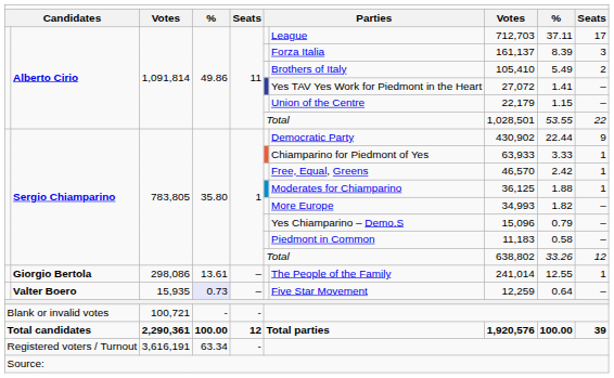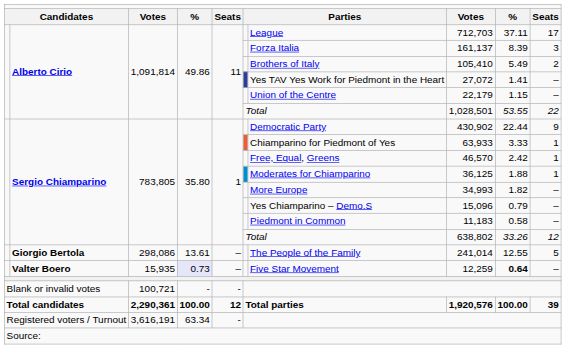 <table class="wikitable">
 <tr>
 <td colspan=10></td>
 </tr>
 <tr>
 <th colspan=2>Candidates</th>
 <th>Votes</th>
 <th>%</th>
 <th>Seats</th>
 <th colspan=2>Parties</th>
 <th>Votes</th>
 <th>%</th>
 <th>Seats</th>
 </tr>
 <tr>
 <td rowspan=6></td>
 <td rowspan=6><strong><a href='#'>Alberto Cirio</a></strong></td>
 <td rowspan="6" align=right>1,091,814</td>
 <td rowspan="6" align=right>49.86</td>
 <td rowspan="6" align=right>11</td>
 <td></td>
 <td><a href='#'>League</a></td>
 <td align=right>712,703</td>
 <td align=right>37.11</td>
 <td align=right>17</td>
 </tr>
 <tr>
 <td></td>
 <td><a href='#'>Forza Italia</a></td>
 <td align=right>161,137</td>
 <td align=right>8.39</td>
 <td align=right>3</td>
 </tr>
 <tr>
 <td></td>
 <td><a href='#'>Brothers of Italy</a></td>
 <td align=right>105,410</td>
 <td align=right>5.49</td>
 <td align=right>2</td>
 </tr>
 <tr>
 <td bgcolor="#2E3D9A"></td>
 <td style="text-align:left;">Yes TAV Yes Work for Piedmont in the Heart</td>
 <td align=right>27,072</td>
 <td align=right>1.41</td>
 <td align=right>–</td>
 </tr>
 <tr>
 <td></td>
 <td><a href='#'>Union of the Centre</a></td>
 <td align=right>22,179</td>
 <td align=right>1.15</td>
 <td align=right>–</td>
 </tr>
 <tr>
 <td colspan=2><em>Total</em></td>
 <td align=right>1,028,501</td>
 <td align=right><em>53.55</em></td>
 <td align=right><em>22</em></td>
 </tr>
 <tr>
 <td rowspan=8></td>
 <td rowspan=8><strong><a href='#'>Sergio Chiamparino</a></strong></td>
 <td rowspan="8" align=right>783,805</td>
 <td rowspan="8" align=right>35.80</td>
 <td rowspan="8" align=right>1</td>
 <td></td>
 <td><a href='#'>Democratic Party</a></td>
 <td align=right>430,902</td>
 <td align=right>22.44</td>
 <td align=right>9</td>
 </tr>
 <tr>
 <td style="background-color:#EC5C39"></td>
 <td>Chiamparino for Piedmont of Yes</td>
 <td align=right>63,933</td>
 <td align=right>3.33</td>
 <td align=right>1</td>
 </tr>
 <tr>
 <td></td>
 <td style="text-align:left;"><a href='#'>Free, Equal</a>, <a href='#'>Greens</a></td>
 <td align=right>46,570</td>
 <td align=right>2.42</td>
 <td align=right>1</td>
 </tr>
 <tr>
 <td style="background-color:#008ECE"></td>
 <td><a href='#'>Moderates for Chiamparino</a></td>
 <td align=right>36,125</td>
 <td align=right>1.88</td>
 <td align=right>1</td>
 </tr>
 <tr>
 <td style="background-color:"></td>
 <td><a href='#'>More Europe</a></td>
 <td align=right>34,993</td>
 <td align=right>1.82</td>
 <td align=right>–</td>
 </tr>
 <tr>
 <td></td>
 <td>Yes Chiamparino – <a href='#'>Demo.S</a></td>
 <td align=right>15,096</td>
 <td align=right>0.79</td>
 <td align=right>–</td>
 </tr>
 <tr>
 <td style="background-color:"></td>
 <td><a href='#'>Piedmont in Common</a></td>
 <td align=right>11,183</td>
 <td align=right>0.58</td>
 <td align=right>–</td>
 </tr>
 <tr>
 <td colspan=2><em>Total</em></td>
 <td align=right>638,802</td>
 <td align=right><em>33.26</em></td>
 <td align=right><em>12</em></td>
 </tr>
 <tr>
 <td></td>
 <td><strong>Giorgio Bertola</strong></td>
 <td align=right>298,086</td>
 <td align=right>13.61</td>
 <td align=right>–</td>
 <td></td>
 <td><a href='#'>The People of the Family</a></td>
 <td align=right>241,014</td>
 <td align=right>12.55</td>
-<td align=right>1</td>
+<td align=right>5</td>
 </tr>
 <tr>
 <td style="background-color:"></td>
 <td><strong>Valter Boero</strong></td>
 <td align=right>15,935</td>
 <td align=right style="background: lavender;">0.73</td>
 <td align=right>–</td>
 <td style="background-color:"></td>
 <td><a href='#'>Five Star Movement</a></td>
 <td align=right>12,259</td>
-<td align=right>0.64</td>
+<td align=right><strong>0.64</strong></td>
 <td align=right>–</td>
 </tr>
 <tr>
 <th colspan=10></th>
 </tr>
 <tr>
 <td colspan=2>Blank or invalid votes</td>
 <td align=right>100,721</td>
 <td align=right>-</td>
 <td align=right>-</td>
 <td colspan=5></td>
 </tr>
 <tr>
 <td colspan=2><strong>Total candidates</strong></td>
 <td align=right><strong>2,290,361</strong></td>
 <td align=right><strong>100.00</strong></td>
 <td align=right><strong>12</strong></td>
 <td colspan=2><strong>Total parties</strong></td>
 <td align=right><strong>1,920,576</strong></td>
 <td align=right><strong>100.00</strong></td>
 <td align=right><strong>39</strong></td>
 </tr>
 <tr>
 <td colspan=2>Registered voters / Turnout</td>
 <td align=right>3,616,191</td>
 <td align=right>63.34</td>
 <td align=right>-</td>
 <td colspan=5></td>
 </tr>
 <tr>
 <td colspan=11>Source:  </td>
 </tr>
 </table>
